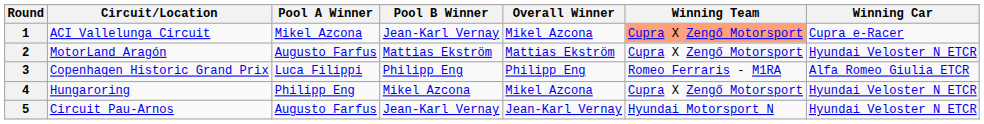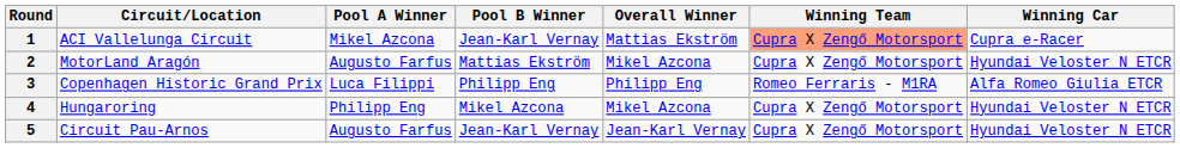 <table class="wikitable" style="font-size: 85%;">
 <tr>
 <th>Round</th>
 <th>Circuit/Location</th>
 <th nowrap="">Pool A Winner</th>
 <th nowrap="">Pool B Winner</th>
 <th nowrap="">Overall Winner</th>
 <th nowrap="">Winning Team</th>
 <th nowrap="">Winning Car</th>
 </tr>
 <tr>
 <th>1</th>
 <td> <a href='#'>ACI Vallelunga Circuit</a></td>
 <td> <a href='#'>Mikel Azcona</a></td>
 <td> <a href='#'>Jean-Karl Vernay</a></td>
-<td> <a href='#'>Mikel Azcona</a></td>
+<td> <a href='#'>Mattias Ekström</a></td>
 <td style="background: lightsalmon;"> <a href='#'>Cupra</a> X <a href='#'>Zengő Motorsport</a></td>
 <td><a href='#'>Cupra e-Racer</a></td>
 </tr>
 <tr>
 <th>2</th>
 <td> <a href='#'>MotorLand Aragón</a></td>
 <td> <a href='#'>Augusto Farfus</a></td>
 <td> <a href='#'>Mattias Ekström</a></td>
-<td> <a href='#'>Mattias Ekström</a></td>
+<td> <a href='#'>Mikel Azcona</a></td>
 <td> <a href='#'>Cupra</a> X <a href='#'>Zengő Motorsport</a></td>
 <td><a href='#'>Hyundai Veloster N ETCR</a></td>
 </tr>
 <tr>
 <th>3</th>
 <td> <a href='#'>Copenhagen Historic Grand Prix</a></td>
 <td> <a href='#'>Luca Filippi</a></td>
 <td> <a href='#'>Philipp Eng</a></td>
 <td> <a href='#'>Philipp Eng</a></td>
 <td> <a href='#'>Romeo Ferraris</a> - <a href='#'>M1RA</a></td>
 <td><a href='#'>Alfa Romeo Giulia ETCR</a></td>
 </tr>
 <tr>
 <th>4</th>
 <td> <a href='#'>Hungaroring</a></td>
 <td> <a href='#'>Philipp Eng</a></td>
 <td> <a href='#'>Mikel Azcona</a></td>
 <td> <a href='#'>Mikel Azcona</a></td>
 <td> <a href='#'>Cupra</a> X <a href='#'>Zengő Motorsport</a></td>
 <td><a href='#'>Hyundai Veloster N ETCR</a></td>
 </tr>
 <tr>
 <th>5</th>
 <td> <a href='#'>Circuit Pau-Arnos</a></td>
 <td> <a href='#'>Augusto Farfus</a></td>
 <td> <a href='#'>Jean-Karl Vernay</a></td>
 <td> <a href='#'>Jean-Karl Vernay</a></td>
-<td> <a href='#'>Hyundai Motorsport N</a></td>
+<td> <a href='#'>Cupra</a> X <a href='#'>Zengő Motorsport</a></td>
 <td><a href='#'>Hyundai Veloster N ETCR</a></td>
 </tr>
 </table>
